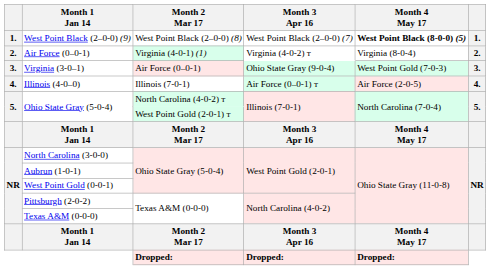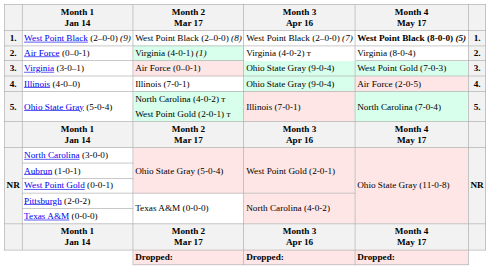 <table class="wikitable" style="font-size:90%; white-space:nowrap;background-color:white">
 <tr>
 <th></th>
 <th>Month 1<br>Jan 14</th>
 <th>Month 2<br>Mar 17</th>
 <th>Month 3<br>Apr 16</th>
 <th>Month 4<br>May 17</th>
 <th></th>
 </tr>
 <tr>
 <th>1.</th>
 <td><a href='#'>West Point Black</a> (2–0-0) <em>(9)</em></td>
 <td>West Point Black (2–0-0) <em>(8)</em></td>
 <td>West Point Black (2–0-0) <em>(7)</em></td>
 <td><strong>West Point Black (8-0-0) <em>(5)</em></strong></td>
 <th>1.</th>
 </tr>
 <tr>
 <th>2.</th>
 <td><a href='#'>Air Force</a> (0–0-1)</td>
 <td style="background-color:#D8FFEB">Virginia (4-0-1) <em>(1)</em></td>
 <td style="background-color:white;border-bottom:1px solid white">Virginia (4-0-2) т</td>
 <td>Virginia (8-0-4)</td>
 <th>2.</th>
 </tr>
 <tr>
 <th>3.</th>
 <td><a href='#'>Virginia</a> (3-0–1)</td>
 <td style="background-color:#FFE6E6">Air Force (0–0-1)</td>
 <td style="background-color:#D8FFEB">Ohio State Gray (9-0-4)</td>
 <td style="background-color:#D8FFEB">West Point Gold (7-0-3)</td>
 <th>3.</th>
 </tr>
 <tr>
 <th>4.</th>
 <td><a href='#'>Illinois</a> (4-0–0)</td>
 <td>Illinois (7-0-1)</td>
-<td style="background-color:#D8FFEB">Air Force (0–0-1) т</td>
+<td style="background-color:#D8FFEB">Ohio State Gray (9-0-4)</td>
 <td style="background-color:#FFE6E6">Air Force (2-0-5)</td>
 <th>4.</th>
 </tr>
 <tr>
 <th rowspan="2">5.</th>
 <td rowspan="2"><a href='#'>Ohio State Gray</a> (5-0-4)</td>
 <td style="background-color:#D8FFEB;border-bottom:1px solid #D8FFEB">North Carolina (4-0-2) т</td>
 <td rowspan="2" style="background-color:#FFE6E6">Illinois (7-0-1)</td>
 <td rowspan="2" style="background-color:#D8FFEB">North Carolina (7-0-4)</td>
 <th rowspan="2">5.</th>
 </tr>
 <tr>
 <td style="background-color:#D8FFEB">West Point Gold (2-0-1) т</td>
 </tr>
 <tr>
 <th></th>
 <th>Month 1<br>Jan 14</th>
 <th>Month 2<br>Mar 17</th>
 <th>Month 3<br>Apr 16</th>
 <th>Month 4<br>May 17</th>
 <th></th>
 </tr>
 <tr>
 <th rowspan="5">NR</th>
 <td><a href='#'>North Carolina</a> (3-0-0)</td>
 <td rowspan="3" style="background-color:#FFE6E6">Ohio State Gray (5-0-4)</td>
 <td rowspan="3" style="background-color:#FFE6E6">West Point Gold (2-0-1)</td>
 <td rowspan="5" style="background-color:#FFE6E6">Ohio State Gray (11-0-8)</td>
 <th rowspan="5">NR</th>
 </tr>
 <tr>
 <td><a href='#'>Aubrun</a> (1-0-1)</td>
 </tr>
 <tr>
 <td><a href='#'>West Point Gold</a> (0-0-1)</td>
 </tr>
 <tr>
 <td><a href='#'>Pittsburgh</a> (2-0-2)</td>
 <td rowspan="2">Texas A&M (0-0-0)</td>
 <td rowspan="2" style="background-color:#FFE6E6">North Carolina (4-0-2)</td>
 </tr>
 <tr>
 <td><a href='#'>Texas A&M</a> (0-0-0)</td>
 </tr>
 <tr>
 <th></th>
 <th>Month 1<br>Jan 14</th>
 <th>Month 2<br>Mar 17</th>
 <th>Month 3<br>Apr 16</th>
 <th>Month 4<br>May 17</th>
 <th></th>
 </tr>
 <tr>
 <td colspan="2"  style="background:transparent;border-bottom-style:hidden;border-left-style:hidden"></td>
 <td style="vertical-align:top;background-color:#FFE6E6"><strong>Dropped:</strong><br></td>
 <td style="vertical-align:top;background-color:#FFE6E6"><strong>Dropped:</strong><br></td>
 <td style="vertical-align:top;background-color:#FFE6E6"><strong>Dropped:</strong><br></td>
 <td style="background:transparent;border-bottom-style:hidden;border-right-style:hidden"></td>
 </tr>
 </table>
